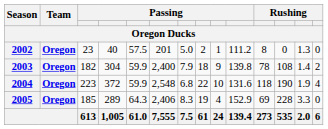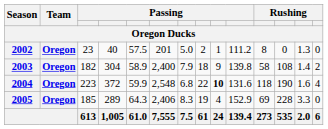 <table class="wikitable" style="text-align:center;">
 <tr>
 <th rowspan="2">Season</th>
 <th rowspan="2">Team</th>
 <th colspan="8">Passing</th>
 <th colspan="4">Rushing</th>
 </tr>
 <tr>
 <th></th>
 <th></th>
 <th></th>
 <th></th>
 <th></th>
 <th></th>
 <th></th>
 <th></th>
 <th></th>
 <th></th>
 <th></th>
 <th></th>
 </tr>
 <tr>
 <th colspan="16">Oregon Ducks</th>
 </tr>
 <tr>
 <th><a href='#'>2002</a></th>
 <th><a href='#'>Oregon</a></th>
 <td>23</td>
 <td>40</td>
 <td>57.5</td>
 <td>201</td>
 <td>5.0</td>
 <td>2</td>
 <td>1</td>
 <td>111.2</td>
 <td>8</td>
 <td>0</td>
 <td>1.3</td>
 <td>0</td>
 </tr>
 <tr>
 <th><a href='#'>2003</a></th>
 <th><a href='#'>Oregon</a></th>
 <td>182</td>
 <td>304</td>
-<td>59.9</td>
+<td>58.9</td>
 <td>2,400</td>
 <td>7.9</td>
 <td>18</td>
 <td>9</td>
 <td>139.8</td>
-<td>78</td>
+<td>58</td>
 <td>108</td>
 <td>1.4</td>
 <td>2</td>
 </tr>
 <tr>
 <th><a href='#'>2004</a></th>
 <th><a href='#'>Oregon</a></th>
 <td>223</td>
 <td>372</td>
 <td>59.9</td>
 <td>2,548</td>
 <td>6.8</td>
 <td>22</td>
-<td>10</td>
+<td><strong>10</strong></td>
 <td>131.6</td>
 <td>118</td>
 <td>190</td>
-<td>1.9</td>
+<td>1.6</td>
 <td>4</td>
 </tr>
 <tr>
 <th><a href='#'>2005</a></th>
 <th><a href='#'>Oregon</a></th>
 <td>185</td>
 <td>289</td>
 <td>64.3</td>
 <td>2,406</td>
 <td>8.3</td>
 <td>19</td>
 <td>4</td>
 <td>152.9</td>
 <td>69</td>
 <td>228</td>
 <td>3.3</td>
 <td>0</td>
 </tr>
 <tr>
 <th colspan="2"></th>
 <th>613</th>
 <th>1,005</th>
 <th>61.0</th>
 <th>7,555</th>
 <th>7.5</th>
 <th>61</th>
 <th>24</th>
 <th>139.4</th>
 <th>273</th>
 <th>535</th>
 <th>2.0</th>
 <th>6</th>
 </tr>
 </table>
